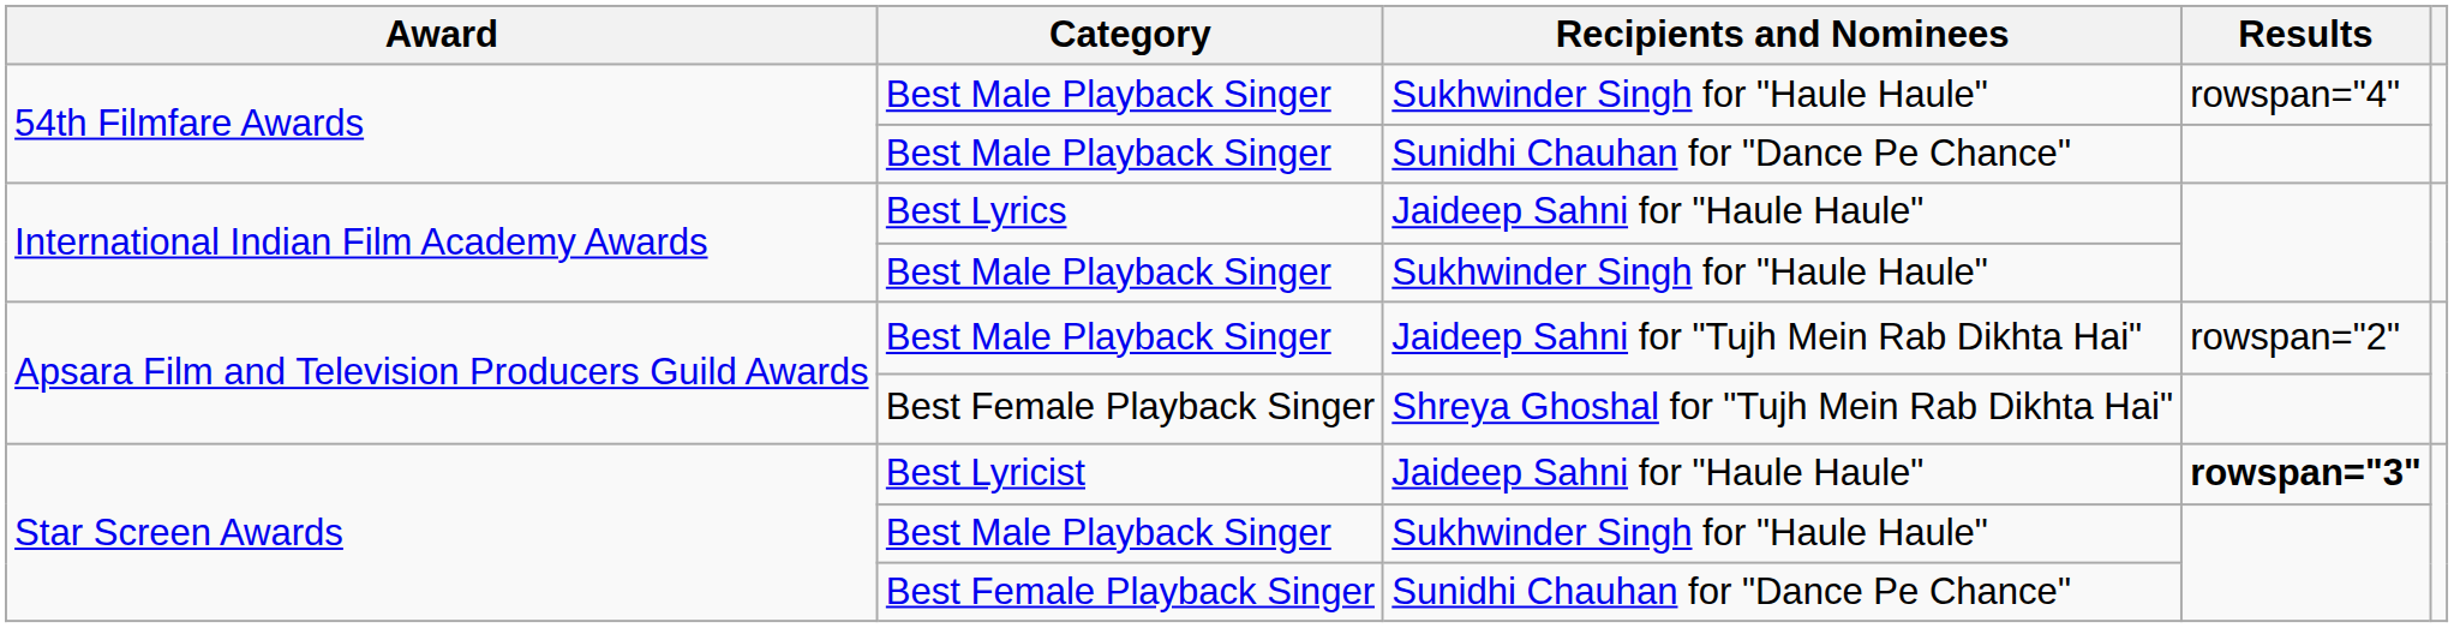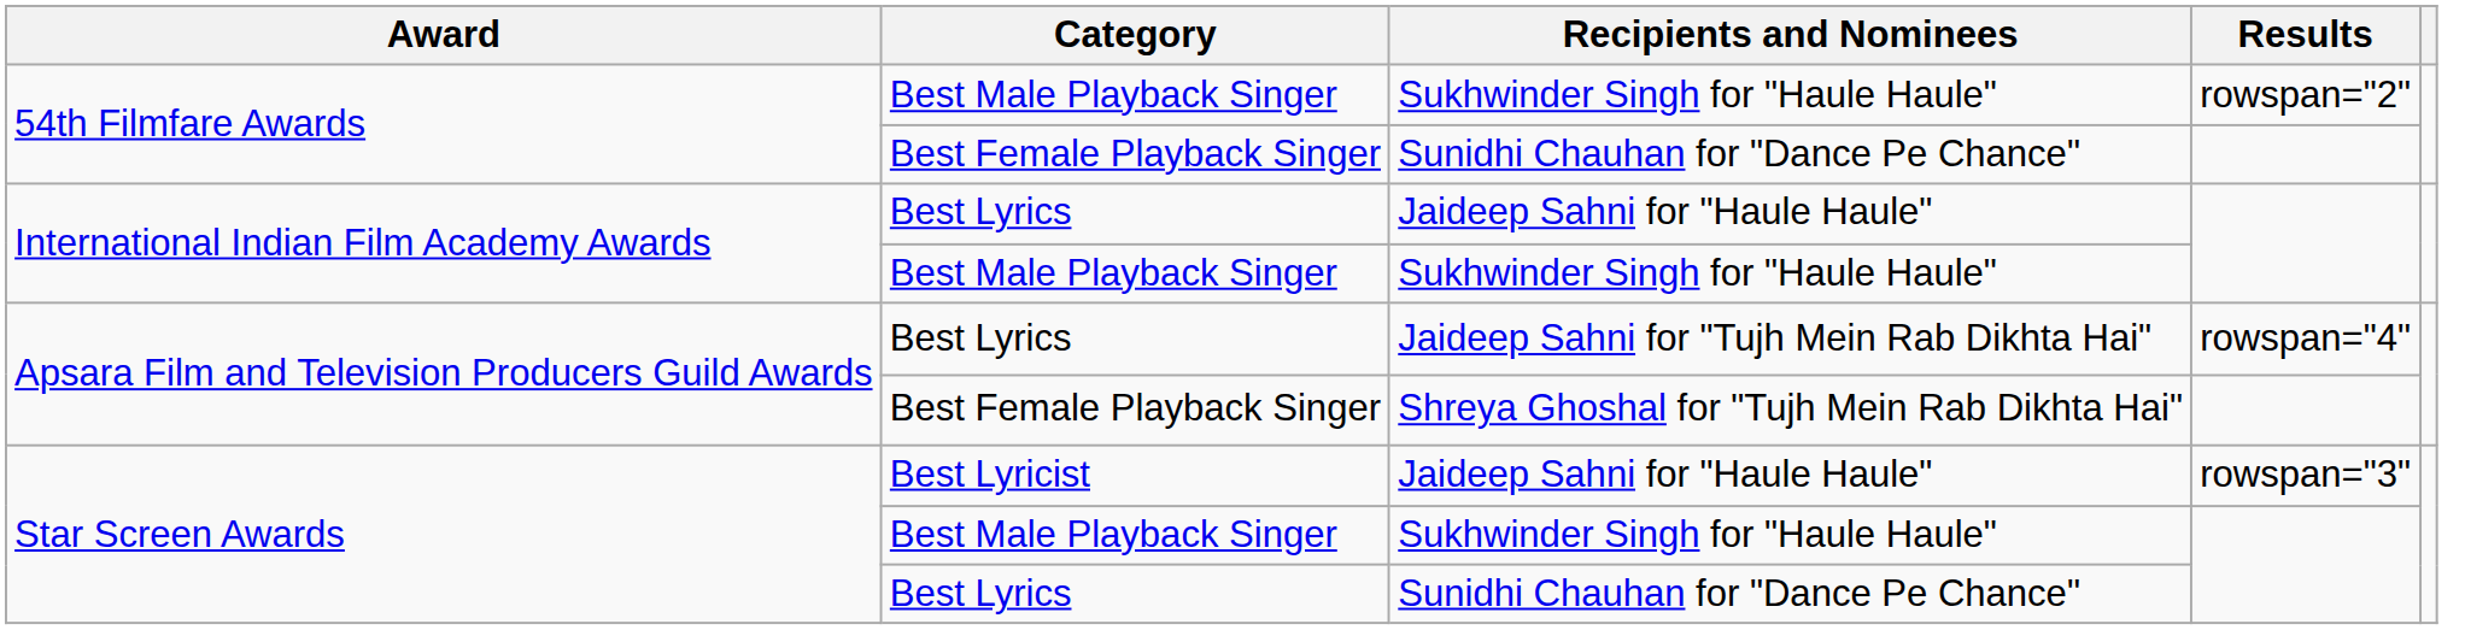 <table class="wikitable plainrowheaders sortable">
 <tr>
 <th>Award</th>
 <th>Category</th>
 <th>Recipients and Nominees</th>
 <th>Results</th>
 <th class="unsortable"></th>
 </tr>
 <tr>
 <td rowspan="2"><a href='#'>54th Filmfare Awards</a></td>
 <td><a href='#'>Best Male Playback Singer</a></td>
 <td><a href='#'>Sukhwinder Singh</a> for "Haule Haule"</td>
-<td>rowspan="4" </td>
+<td>rowspan="2" </td>
 <td rowspan="2"><br></td>
 </tr>
 <tr>
-<td><a href='#'>Best Male Playback Singer</a></td>
+<td><a href='#'>Best Female Playback Singer</a></td>
 <td><a href='#'>Sunidhi Chauhan</a> for "Dance Pe Chance"</td>
 </tr>
 <tr>
 <td rowspan="2"><a href='#'>International Indian Film Academy Awards</a></td>
 <td><a href='#'>Best Lyrics</a></td>
 <td><a href='#'>Jaideep Sahni</a> for "Haule Haule"</td>
 <td rowspan="2"><br><br></td>
 </tr>
 <tr>
 <td><a href='#'>Best Male Playback Singer</a></td>
 <td><a href='#'>Sukhwinder Singh</a> for "Haule Haule"</td>
 </tr>
 <tr>
 <td rowspan="2"><a href='#'>Apsara Film and Television Producers Guild Awards</a></td>
-<td><a href='#'>Best Male Playback Singer</a></td>
+<td>Best Lyrics</td>
 <td><a href='#'>Jaideep Sahni</a> for "Tujh Mein Rab Dikhta Hai"</td>
-<td>rowspan="2" </td>
+<td>rowspan="4" </td>
 <td rowspan="2"><br><br><br></td>
 </tr>
 <tr>
 <td>Best Female Playback Singer</td>
 <td><a href='#'>Shreya Ghoshal</a> for "Tujh Mein Rab Dikhta Hai"</td>
 </tr>
 <tr>
 <td rowspan="3"><a href='#'>Star Screen Awards</a></td>
 <td><a href='#'>Best Lyricist</a></td>
 <td><a href='#'>Jaideep Sahni</a> for "Haule Haule"</td>
-<td><strong>rowspan="3" </strong></td>
+<td>rowspan="3" </td>
 <td rowspan="3"><br><br></td>
 </tr>
 <tr>
 <td><a href='#'>Best Male Playback Singer</a></td>
 <td><a href='#'>Sukhwinder Singh</a> for "Haule Haule"</td>
 </tr>
 <tr>
-<td><a href='#'>Best Female Playback Singer</a></td>
+<td><a href='#'>Best Lyrics</a></td>
 <td><a href='#'>Sunidhi Chauhan</a> for "Dance Pe Chance"</td>
 </tr>
 </table>
